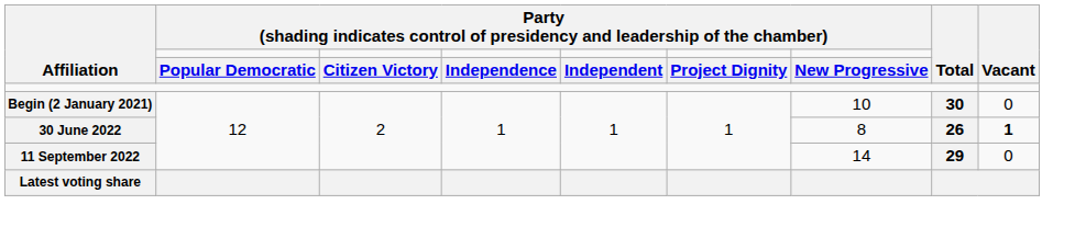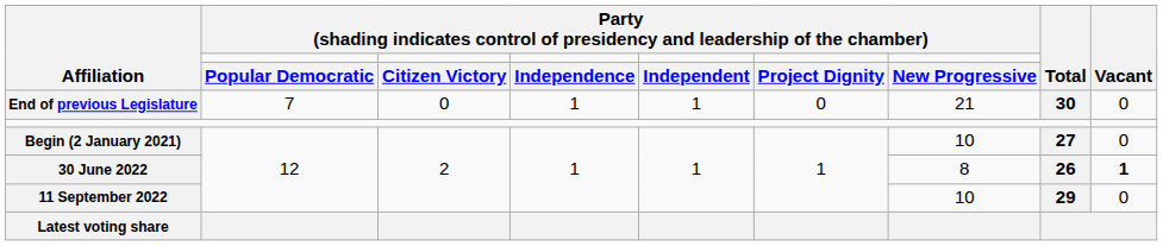 <table class="wikitable" style="text-align:center">
 <tr style="vertical-align:bottom">
 <th rowspan=3>Affiliation</th>
 <th colspan=6>Party<div>(shading indicates control of presidency and leadership of the chamber)</div></th>
 <th rowspan=3>Total</th>
 <th rowspan=3>Vacant</th>
 </tr>
 <tr style="height:5px">
 <td style="background-color:"></td>
 <td style="background-color:"></td>
 <td style="background-color:"></td>
 <td style="background-color:"></td>
 <td style="background-color:"></td>
 <td style="background-color:"></td>
 </tr>
 <tr>
 <th><a href='#'>Popular Democratic</a></th>
 <th><a href='#'>Citizen Victory</a></th>
 <th><a href='#'>Independence</a></th>
 <th><a href='#'>Independent</a></th>
 <th><a href='#'>Project Dignity</a></th>
 <th><a href='#'>New Progressive</a></th>
 </tr>
 <tr>
+<th style="font-size:80%">End of <a href='#'>previous Legislature</a></th>
+<td>7</td>
+<td>0</td>
+<td>1</td>
+<td>1</td>
+<td>0</td>
+<td>21</td>
+<th>30</th>
+<td>0</td>
+</tr>
+<tr>
 <td colspan=8></td>
 </tr>
 <tr>
 <th style="font-size:80%">Begin (2 January 2021)</th>
 <td rowspan=3 >12</td>
 <td rowspan=3>2</td>
 <td rowspan=3>1</td>
 <td rowspan=3>1</td>
 <td rowspan=3>1</td>
 <td>10</td>
-<th>30</th>
+<th>27</th>
 <td>0</td>
 </tr>
 <tr>
 <th style="font-size:80%">30 June 2022</th>
 <td>8</td>
 <th>26</th>
 <td><strong>1</strong></td>
 </tr>
 <tr>
 <th style="font-size:80%">11 September 2022</th>
-<td>14</td>
+<td>10</td>
 <th>29</th>
 <td>0</td>
 </tr>
 <tr>
 <th style="font-size:80%">Latest voting share</th>
 <th></th>
 <th></th>
 <th></th>
 <th></th>
 <th></th>
 <th></th>
 <th colspan=2> </th>
 </tr>
 </table>
